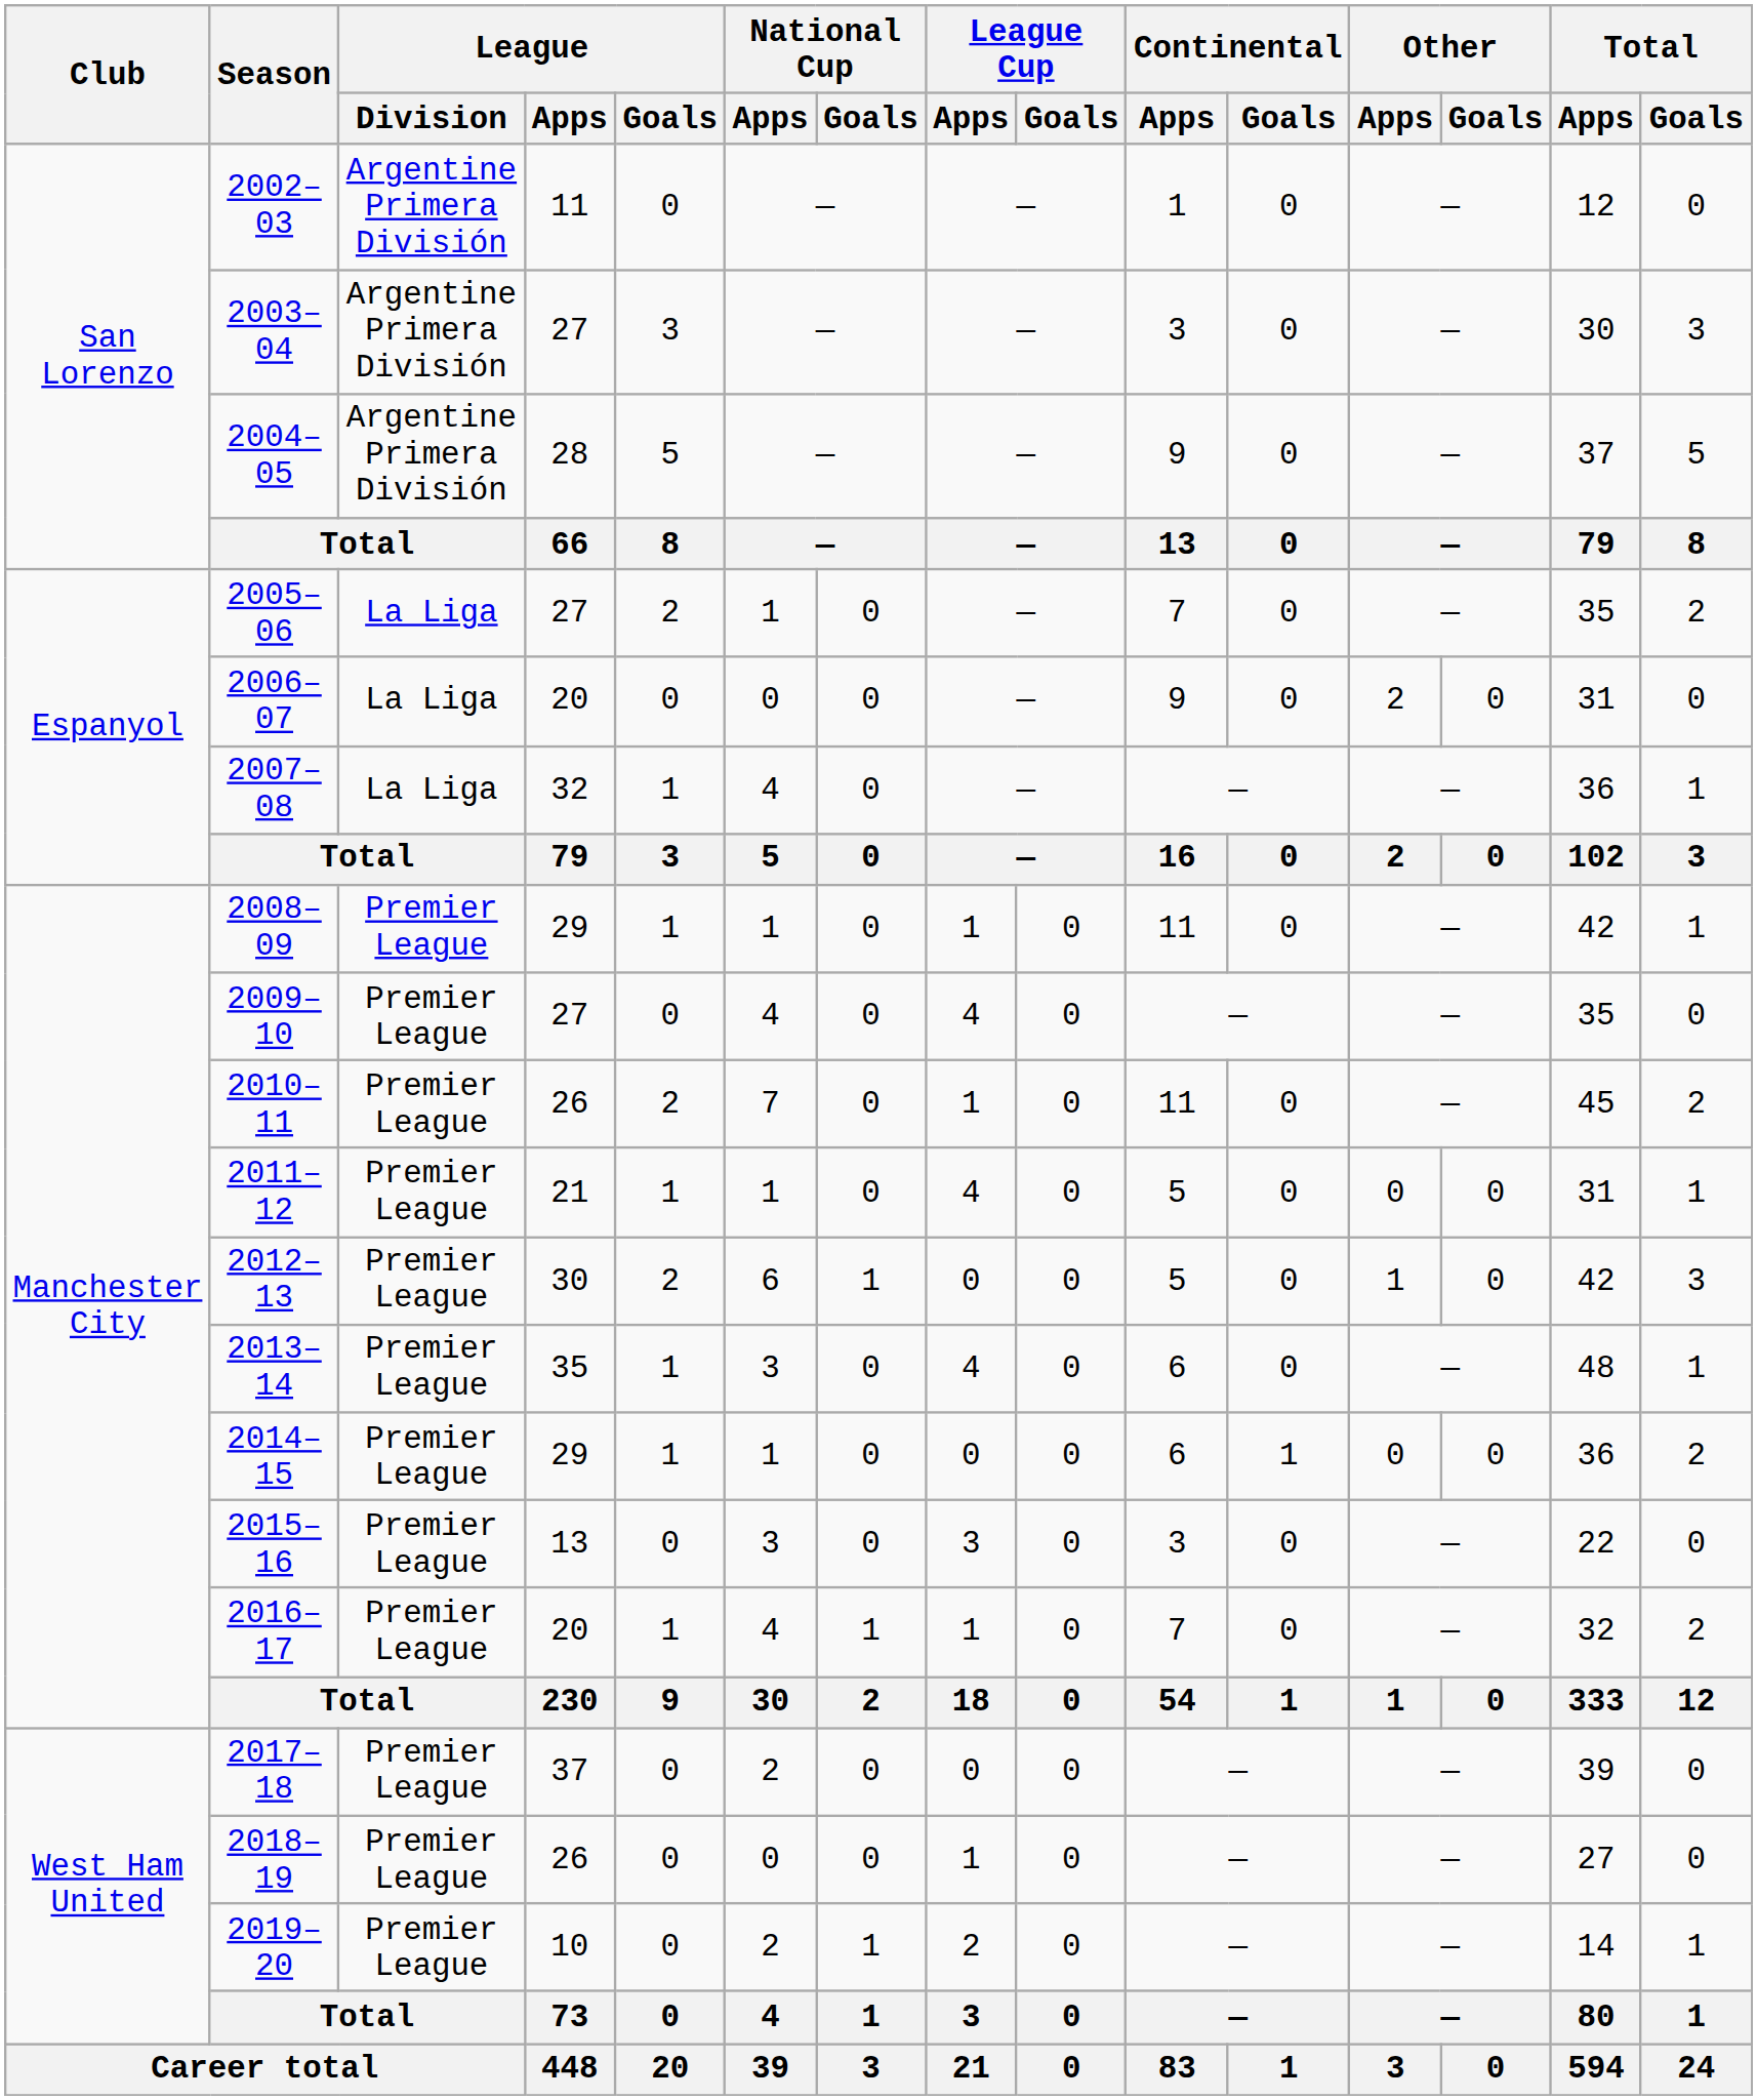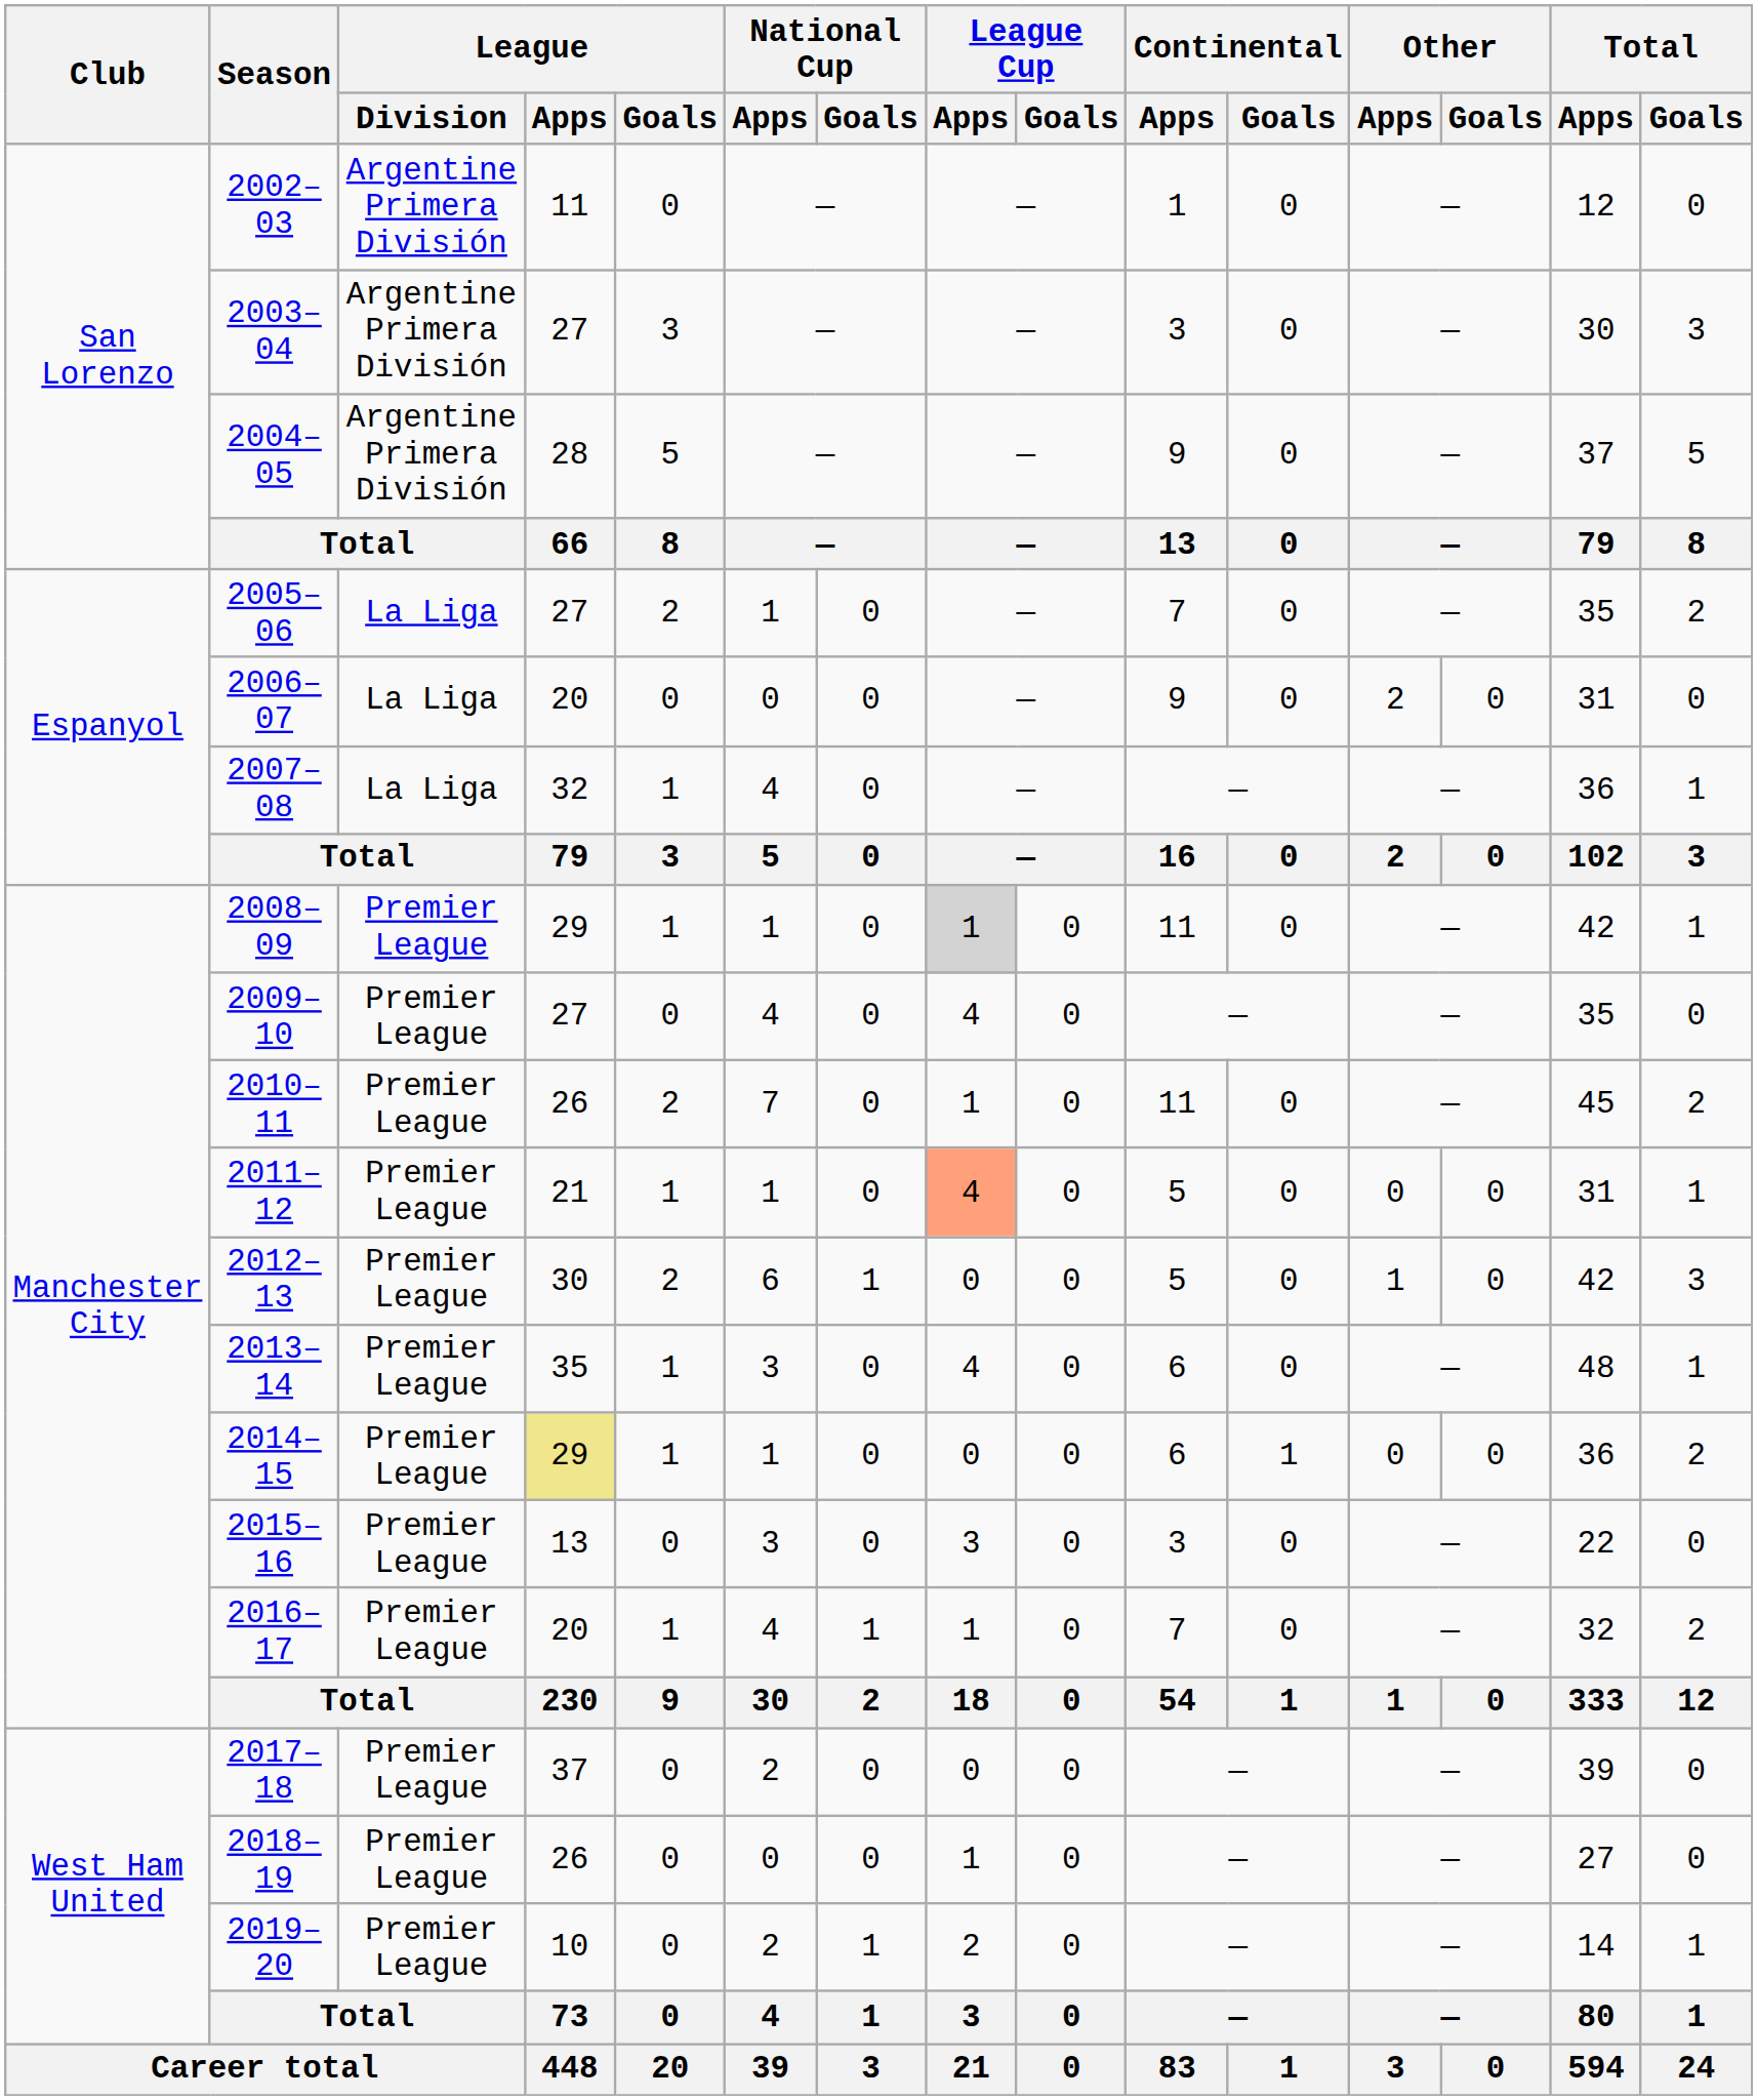 <table class="wikitable" style="text-align:center">
 <tr>
 <th rowspan=2>Club</th>
 <th rowspan=2>Season</th>
 <th colspan=3>League</th>
 <th colspan=2>National Cup</th>
 <th colspan=2><a href='#'>League Cup</a></th>
 <th colspan=2>Continental</th>
 <th colspan=2>Other</th>
 <th colspan=2>Total</th>
 </tr>
 <tr>
 <th>Division</th>
 <th>Apps</th>
 <th>Goals</th>
 <th>Apps</th>
 <th>Goals</th>
 <th>Apps</th>
 <th>Goals</th>
 <th>Apps</th>
 <th>Goals</th>
 <th>Apps</th>
 <th>Goals</th>
 <th>Apps</th>
 <th>Goals</th>
 </tr>
 <tr>
 <td rowspan=4><a href='#'>San Lorenzo</a></td>
 <td><a href='#'>2002–03</a></td>
 <td><a href='#'>Argentine Primera División</a></td>
 <td>11</td>
 <td>0</td>
 <td colspan=2>—</td>
 <td colspan=2>—</td>
 <td>1</td>
 <td>0</td>
 <td colspan=2>—</td>
 <td>12</td>
 <td>0</td>
 </tr>
 <tr>
 <td><a href='#'>2003–04</a></td>
 <td>Argentine Primera División</td>
 <td>27</td>
 <td>3</td>
 <td colspan=2>—</td>
 <td colspan=2>—</td>
 <td>3</td>
 <td>0</td>
 <td colspan=2>—</td>
 <td>30</td>
 <td>3</td>
 </tr>
 <tr>
 <td><a href='#'>2004–05</a></td>
 <td>Argentine Primera División</td>
 <td>28</td>
 <td>5</td>
 <td colspan=2>—</td>
 <td colspan=2>—</td>
 <td>9</td>
 <td>0</td>
 <td colspan=2>—</td>
 <td>37</td>
 <td>5</td>
 </tr>
 <tr>
 <th colspan=2>Total</th>
 <th>66</th>
 <th>8</th>
 <th colspan=2>—</th>
 <th colspan=2>—</th>
 <th>13</th>
 <th>0</th>
 <th colspan=2>—</th>
 <th>79</th>
 <th>8</th>
 </tr>
 <tr>
 <td rowspan=4><a href='#'>Espanyol</a></td>
 <td><a href='#'>2005–06</a></td>
 <td><a href='#'>La Liga</a></td>
 <td>27</td>
 <td>2</td>
 <td>1</td>
 <td>0</td>
 <td colspan=2>—</td>
 <td>7</td>
 <td>0</td>
 <td colspan=2>—</td>
 <td>35</td>
 <td>2</td>
 </tr>
 <tr>
 <td><a href='#'>2006–07</a></td>
 <td>La Liga</td>
 <td>20</td>
 <td>0</td>
 <td>0</td>
 <td>0</td>
 <td colspan=2>—</td>
 <td>9</td>
 <td>0</td>
 <td>2</td>
 <td>0</td>
 <td>31</td>
 <td>0</td>
 </tr>
 <tr>
 <td><a href='#'>2007–08</a></td>
 <td>La Liga</td>
 <td>32</td>
 <td>1</td>
 <td>4</td>
 <td>0</td>
 <td colspan=2>—</td>
 <td colspan=2>—</td>
 <td colspan=2>—</td>
 <td>36</td>
 <td>1</td>
 </tr>
 <tr>
 <th colspan=2>Total</th>
 <th>79</th>
 <th>3</th>
 <th>5</th>
 <th>0</th>
 <th colspan=2>—</th>
 <th>16</th>
 <th>0</th>
 <th>2</th>
 <th>0</th>
 <th>102</th>
 <th>3</th>
 </tr>
 <tr>
 <td rowspan=10><a href='#'>Manchester City</a></td>
 <td><a href='#'>2008–09</a></td>
 <td><a href='#'>Premier League</a></td>
 <td>29</td>
 <td>1</td>
 <td>1</td>
 <td>0</td>
-<td>1</td>
+<td style="background: lightgrey;">1</td>
 <td>0</td>
 <td>11</td>
 <td>0</td>
 <td colspan=2>—</td>
 <td>42</td>
 <td>1</td>
 </tr>
 <tr>
 <td><a href='#'>2009–10</a></td>
 <td>Premier League</td>
 <td>27</td>
 <td>0</td>
 <td>4</td>
 <td>0</td>
 <td>4</td>
 <td>0</td>
 <td colspan=2>—</td>
 <td colspan=2>—</td>
 <td>35</td>
 <td>0</td>
 </tr>
 <tr>
 <td><a href='#'>2010–11</a></td>
 <td>Premier League</td>
 <td>26</td>
 <td>2</td>
 <td>7</td>
 <td>0</td>
 <td>1</td>
 <td>0</td>
 <td>11</td>
 <td>0</td>
 <td colspan=2>—</td>
 <td>45</td>
 <td>2</td>
 </tr>
 <tr>
 <td><a href='#'>2011–12</a></td>
 <td>Premier League</td>
 <td>21</td>
 <td>1</td>
 <td>1</td>
 <td>0</td>
-<td>4</td>
+<td style="background: lightsalmon;">4</td>
 <td>0</td>
 <td>5</td>
 <td>0</td>
 <td>0</td>
 <td>0</td>
 <td>31</td>
 <td>1</td>
 </tr>
 <tr>
 <td><a href='#'>2012–13</a></td>
 <td>Premier League</td>
 <td>30</td>
 <td>2</td>
 <td>6</td>
 <td>1</td>
 <td>0</td>
 <td>0</td>
 <td>5</td>
 <td>0</td>
 <td>1</td>
 <td>0</td>
 <td>42</td>
 <td>3</td>
 </tr>
 <tr>
 <td><a href='#'>2013–14</a></td>
 <td>Premier League</td>
 <td>35</td>
 <td>1</td>
 <td>3</td>
 <td>0</td>
 <td>4</td>
 <td>0</td>
 <td>6</td>
 <td>0</td>
 <td colspan=2>—</td>
 <td>48</td>
 <td>1</td>
 </tr>
 <tr>
 <td><a href='#'>2014–15</a></td>
 <td>Premier League</td>
-<td>29</td>
+<td style="background: khaki;">29</td>
 <td>1</td>
 <td>1</td>
 <td>0</td>
 <td>0</td>
 <td>0</td>
 <td>6</td>
 <td>1</td>
 <td>0</td>
 <td>0</td>
 <td>36</td>
 <td>2</td>
 </tr>
 <tr>
 <td><a href='#'>2015–16</a></td>
 <td>Premier League</td>
 <td>13</td>
 <td>0</td>
 <td>3</td>
 <td>0</td>
 <td>3</td>
 <td>0</td>
 <td>3</td>
 <td>0</td>
 <td colspan=2>—</td>
 <td>22</td>
 <td>0</td>
 </tr>
 <tr>
 <td><a href='#'>2016–17</a></td>
 <td>Premier League</td>
 <td>20</td>
 <td>1</td>
 <td>4</td>
 <td>1</td>
 <td>1</td>
 <td>0</td>
 <td>7</td>
 <td>0</td>
 <td colspan=2>—</td>
 <td>32</td>
 <td>2</td>
 </tr>
 <tr>
 <th colspan=2>Total</th>
 <th>230</th>
 <th>9</th>
 <th>30</th>
 <th>2</th>
 <th>18</th>
 <th>0</th>
 <th>54</th>
 <th>1</th>
 <th>1</th>
 <th>0</th>
 <th>333</th>
 <th>12</th>
 </tr>
 <tr>
 <td rowspan=4><a href='#'>West Ham United</a></td>
 <td><a href='#'>2017–18</a></td>
 <td>Premier League</td>
 <td>37</td>
 <td>0</td>
 <td>2</td>
 <td>0</td>
 <td>0</td>
 <td>0</td>
 <td colspan=2>—</td>
 <td colspan=2>—</td>
 <td>39</td>
 <td>0</td>
 </tr>
 <tr>
 <td><a href='#'>2018–19</a></td>
 <td>Premier League</td>
 <td>26</td>
 <td>0</td>
 <td>0</td>
 <td>0</td>
 <td>1</td>
 <td>0</td>
 <td colspan=2>—</td>
 <td colspan=2>—</td>
 <td>27</td>
 <td>0</td>
 </tr>
 <tr>
 <td><a href='#'>2019–20</a></td>
 <td>Premier League</td>
 <td>10</td>
 <td>0</td>
 <td>2</td>
 <td>1</td>
 <td>2</td>
 <td>0</td>
 <td colspan=2>—</td>
 <td colspan=2>—</td>
 <td>14</td>
 <td>1</td>
 </tr>
 <tr>
 <th colspan=2>Total</th>
 <th>73</th>
 <th>0</th>
 <th>4</th>
 <th>1</th>
 <th>3</th>
 <th>0</th>
 <th colspan=2>—</th>
 <th colspan=2>—</th>
 <th>80</th>
 <th>1</th>
 </tr>
 <tr>
 <th colspan=3>Career total</th>
 <th>448</th>
 <th>20</th>
 <th>39</th>
 <th>3</th>
 <th>21</th>
 <th>0</th>
 <th>83</th>
 <th>1</th>
 <th>3</th>
 <th>0</th>
 <th>594</th>
 <th>24</th>
 </tr>
 </table>
